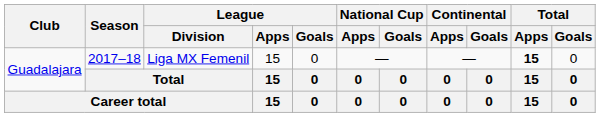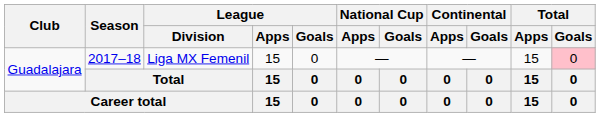 <table class="wikitable" style="text-align:center">
 <tr>
 <th rowspan="2">Club</th>
 <th rowspan="2">Season</th>
 <th colspan="3">League</th>
 <th colspan="2">National Cup</th>
 <th colspan="2">Continental</th>
 <th colspan="2">Total</th>
 </tr>
 <tr>
 <th>Division</th>
 <th>Apps</th>
 <th>Goals</th>
 <th>Apps</th>
 <th>Goals</th>
 <th>Apps</th>
 <th>Goals</th>
 <th>Apps</th>
 <th>Goals</th>
 </tr>
 <tr>
 <td rowspan="2"><a href='#'>Guadalajara</a></td>
 <td><a href='#'>2017–18</a></td>
 <td rowspan="1"><a href='#'>Liga MX Femenil</a></td>
 <td>15</td>
 <td>0</td>
 <td colspan="2">—</td>
 <td colspan="2">—</td>
-<td><strong>15</strong></td>
-<td>0</td>
+<td>15</td>
+<td style="background: pink;">0</td>
 </tr>
 <tr>
 <th colspan="2">Total</th>
 <th>15</th>
 <th>0</th>
 <th>0</th>
 <th>0</th>
 <th>0</th>
 <th>0</th>
 <th>15</th>
 <th>0</th>
 </tr>
 <tr>
 <th colspan="3">Career total</th>
 <th>15</th>
 <th>0</th>
 <th>0</th>
 <th>0</th>
 <th>0</th>
 <th>0</th>
 <th>15</th>
 <th>0</th>
 </tr>
 </table>
